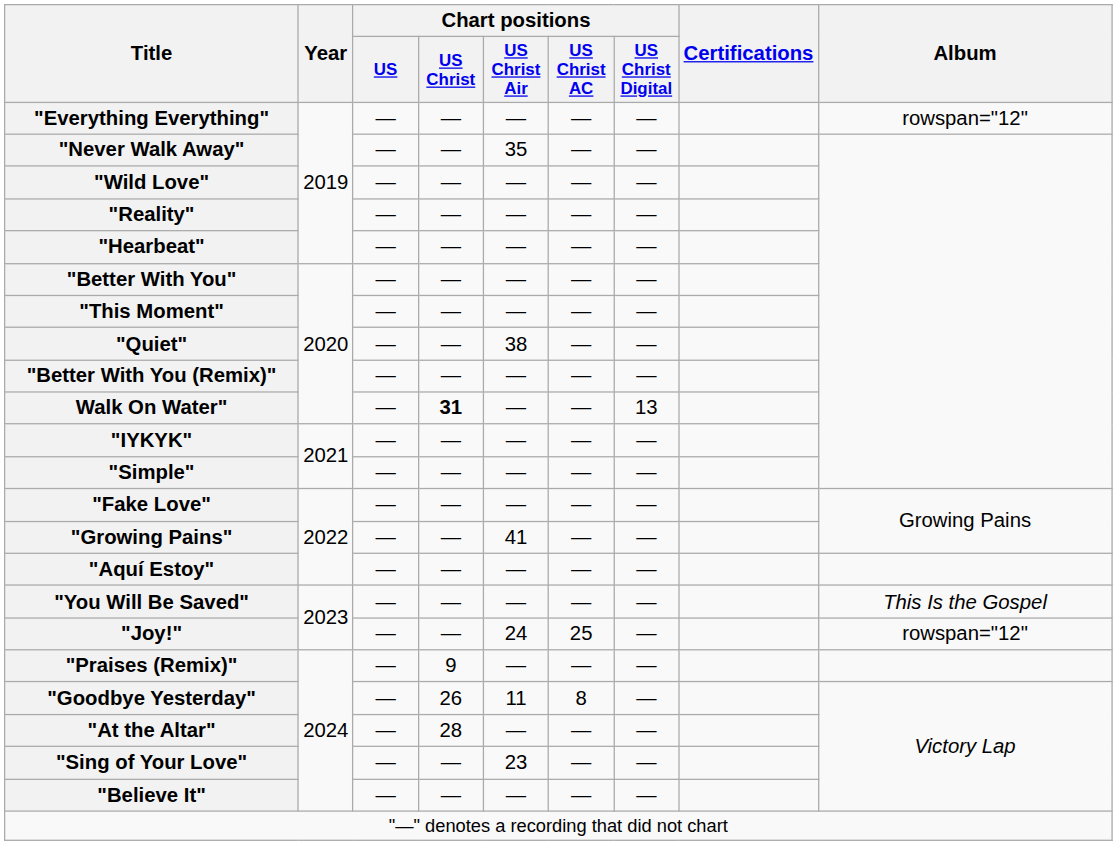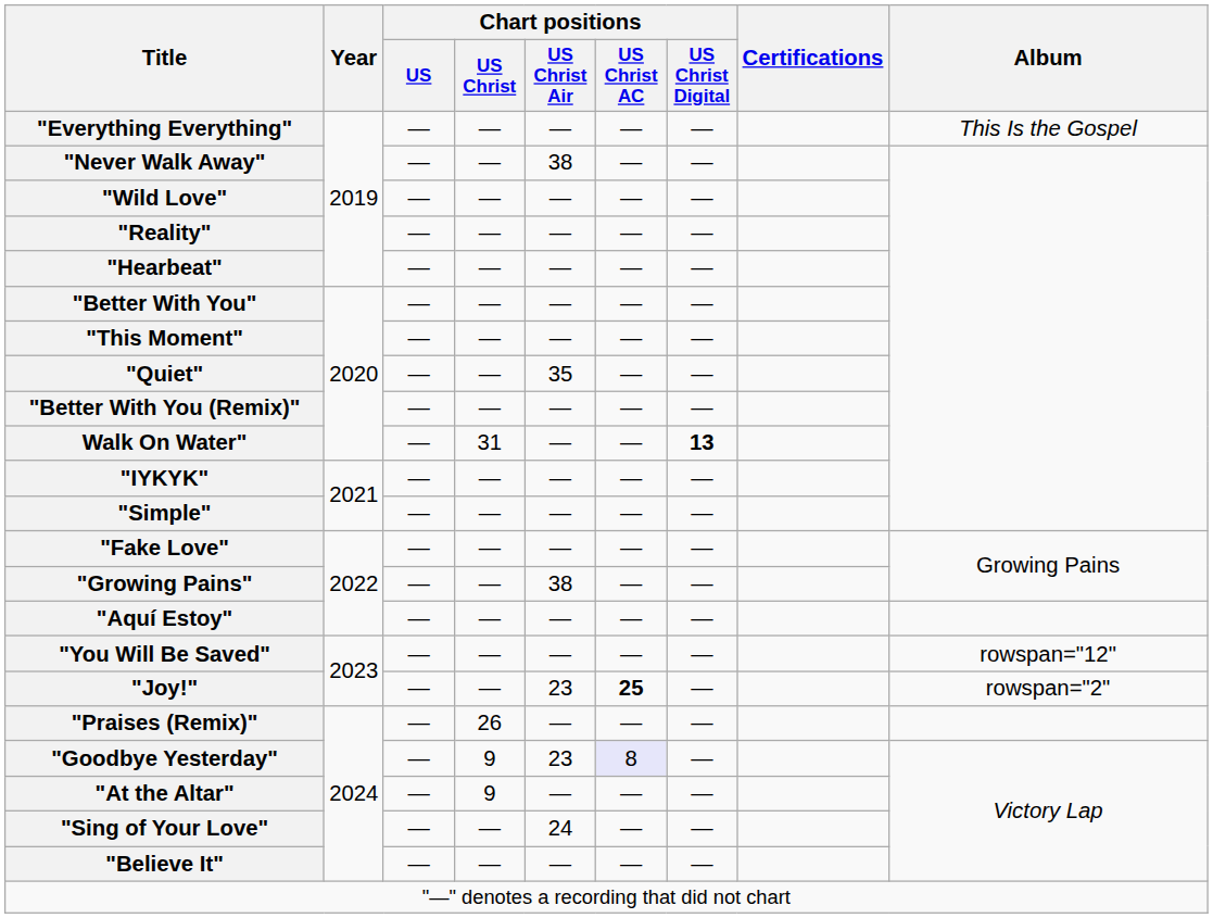 <table class="wikitable plainrowheaders" style="text-align:center;">
 <tr>
 <th rowspan="2" scope="col" style="width:14em;">Title</th>
 <th rowspan="2" scope="col">Year</th>
 <th colspan="5" scope="col">Chart positions</th>
 <th rowspan="2" scope="col"><a href='#'>Certifications</a></th>
 <th rowspan="2" scope="col" style="width:14em;">Album</th>
 </tr>
 <tr style="font-size:smaller;">
 <th scope="col" width="45"><a href='#'>US</a><br></th>
 <th scope="col" width="45"><a href='#'>US<br>Christ</a><br></th>
 <th scope="col" width="45"><a href='#'>US<br>Christ Air</a><br></th>
 <th scope="col" width="45"><a href='#'>US<br>Christ AC</a><br></th>
 <th scope="col" width="45"><a href='#'>US<br>Christ<br>Digital</a><br></th>
 </tr>
 <tr>
 <th scope="row">"Everything Everything"</th>
 <td rowspan="5">2019</td>
 <td>—</td>
 <td>—</td>
 <td>—</td>
 <td>—</td>
 <td>—</td>
 <td></td>
-<td>rowspan="12" </td>
+<td><em>This Is the Gospel</em></td>
 </tr>
 <tr>
 <th scope="row">"Never Walk Away"</th>
 <td>—</td>
 <td>—</td>
-<td>35</td>
+<td>38</td>
 <td>—</td>
 <td>—</td>
 <td></td>
 </tr>
 <tr>
 <th scope="row">"Wild Love"</th>
 <td>—</td>
 <td>—</td>
 <td>—</td>
 <td>—</td>
 <td>—</td>
 <td></td>
 </tr>
 <tr>
 <th scope="row">"Reality"</th>
 <td>—</td>
 <td>—</td>
 <td>—</td>
 <td>—</td>
 <td>—</td>
 <td></td>
 </tr>
 <tr>
 <th scope="row">"Hearbeat"</th>
 <td>—</td>
 <td>—</td>
 <td>—</td>
 <td>—</td>
 <td>—</td>
 <td></td>
 </tr>
 <tr>
 <th scope="row">"Better With You"</th>
 <td rowspan="5">2020</td>
 <td>—</td>
 <td>—</td>
 <td>—</td>
 <td>—</td>
 <td>—</td>
 <td></td>
 </tr>
 <tr>
 <th scope="row">"This Moment"</th>
 <td>—</td>
 <td>—</td>
 <td>—</td>
 <td>—</td>
 <td>—</td>
 <td></td>
 </tr>
 <tr>
 <th scope="row">"Quiet"</th>
 <td>—</td>
 <td>—</td>
-<td>38</td>
+<td>35</td>
 <td>—</td>
 <td>—</td>
 <td></td>
 </tr>
 <tr>
 <th scope="row">"Better With You (Remix)" <br></th>
 <td>—</td>
 <td>—</td>
 <td>—</td>
 <td>—</td>
 <td>—</td>
 <td></td>
 </tr>
 <tr>
 <th scope="row">Walk On Water"</th>
 <td>—</td>
-<td><strong>31</strong></td>
+<td>31</td>
 <td>—</td>
 <td>—</td>
-<td>13</td>
+<td><strong>13</strong></td>
 <td></td>
 </tr>
 <tr>
 <th scope="row">"IYKYK"</th>
 <td rowspan="2">2021</td>
 <td>—</td>
 <td>—</td>
 <td>—</td>
 <td>—</td>
 <td>—</td>
 <td></td>
 </tr>
 <tr>
 <th scope="row">"Simple" <br></th>
 <td>—</td>
 <td>—</td>
 <td>—</td>
 <td>—</td>
 <td>—</td>
 <td></td>
 </tr>
 <tr>
 <th scope="row">"Fake Love"</th>
 <td rowspan="3">2022</td>
 <td>—</td>
 <td>—</td>
 <td>—</td>
 <td>—</td>
 <td>—</td>
 <td></td>
 <td rowspan="2">Growing Pains</td>
 </tr>
 <tr>
 <th scope="row">"Growing Pains"<br></th>
 <td>—</td>
 <td>—</td>
-<td>41</td>
+<td>38</td>
 <td>—</td>
 <td>—</td>
 <td></td>
 </tr>
 <tr>
 <th scope="row">"Aquí Estoy"</th>
 <td>—</td>
 <td>—</td>
 <td>—</td>
 <td>—</td>
 <td>—</td>
 <td></td>
 <td></td>
 </tr>
 <tr>
 <th scope="row">"You Will Be Saved"</th>
 <td rowspan="2">2023</td>
 <td>—</td>
 <td>—</td>
 <td>—</td>
 <td>—</td>
 <td>—</td>
 <td></td>
-<td><em>This Is the Gospel</em></td>
+<td>rowspan="12" </td>
 </tr>
 <tr>
 <th scope="row">"Joy!"</th>
 <td>—</td>
 <td>—</td>
-<td>24</td>
-<td>25</td>
+<td>23</td>
+<td><strong>25</strong></td>
 <td>—</td>
 <td></td>
-<td>rowspan="12" </td>
+<td>rowspan="2" </td>
 </tr>
 <tr>
 <th scope="row">"Praises (Remix)"<br></th>
 <td rowspan="5">2024</td>
 <td>—</td>
-<td>9</td>
+<td>26</td>
 <td>—</td>
 <td>—</td>
 <td>—</td>
 <td></td>
 </tr>
 <tr>
 <th scope="row">"Goodbye Yesterday"<br></th>
 <td>—</td>
-<td>26</td>
-<td>11</td>
-<td>8</td>
+<td>9</td>
+<td>23</td>
+<td style="background: lavender;">8</td>
 <td>—</td>
 <td></td>
 <td rowspan="4"><em>Victory Lap</em></td>
 </tr>
 <tr>
 <th scope="row">"At the Altar"<br></th>
 <td>—</td>
-<td>28</td>
+<td>9</td>
 <td>—</td>
 <td>—</td>
 <td>—</td>
 <td></td>
 </tr>
 <tr>
 <th scope="row">"Sing of Your Love"<br></th>
 <td>—</td>
 <td>—</td>
-<td>23</td>
+<td>24</td>
 <td>—</td>
 <td>—</td>
 <td></td>
 </tr>
 <tr>
 <th scope="row">"Believe It"</th>
 <td>—</td>
 <td>—</td>
 <td>—</td>
 <td>—</td>
 <td>—</td>
 <td></td>
 </tr>
 <tr>
 <td colspan="9" style="font-size:90%">"—" denotes a recording that did not chart</td>
 </tr>
 </table>
